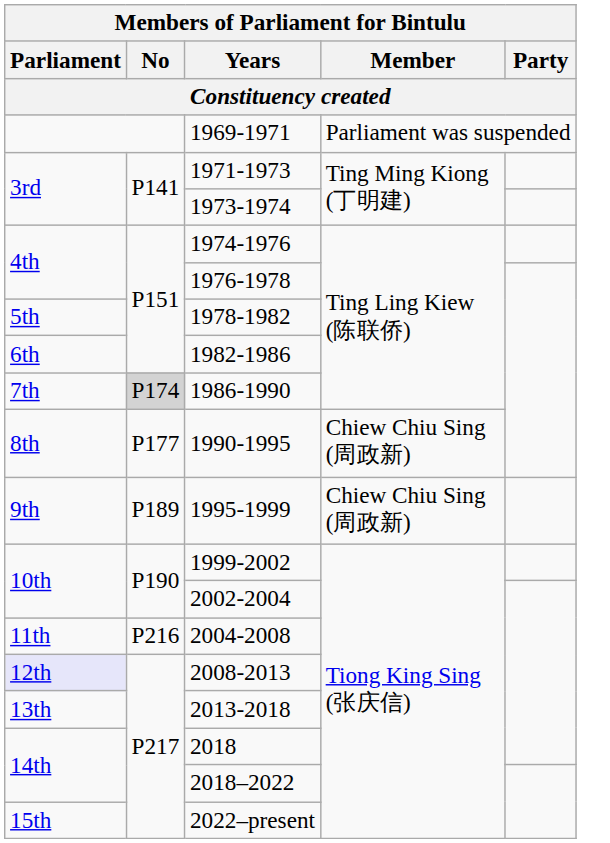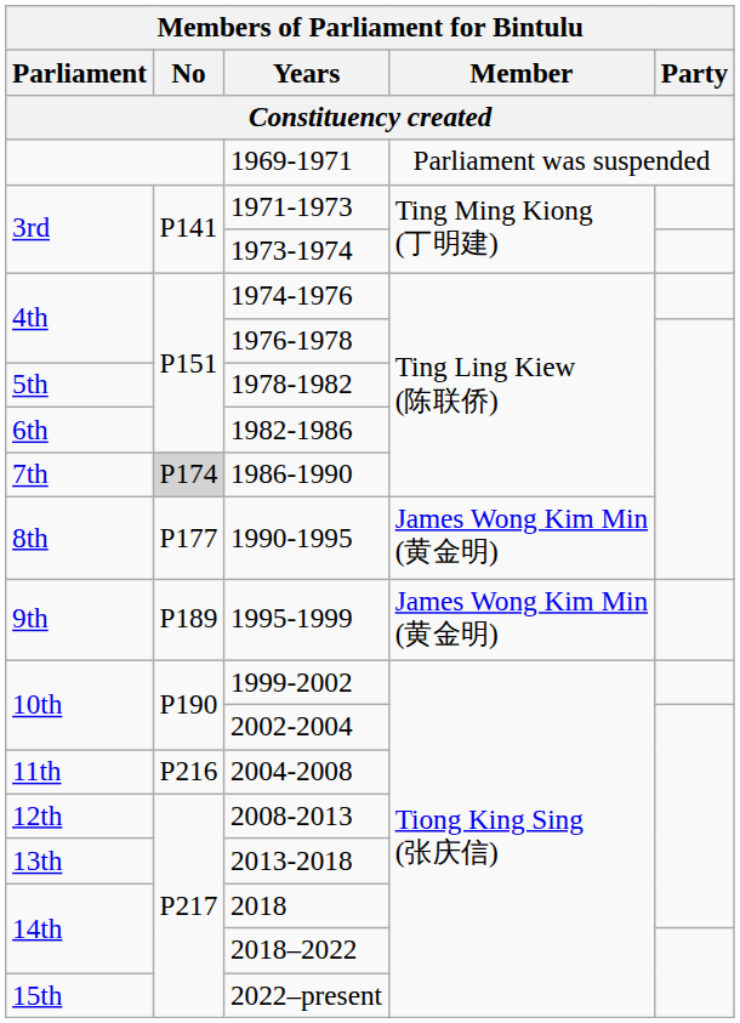 <table class=wikitable>
 <tr>
 <th colspan="5">Members of Parliament for Bintulu</th>
 </tr>
 <tr>
 <th>Parliament</th>
 <th>No</th>
 <th>Years</th>
 <th>Member</th>
 <th>Party</th>
 </tr>
 <tr>
 <th colspan="5" align="center"><em>Constituency created</em></th>
 </tr>
 <tr>
 <td colspan="2"></td>
 <td>1969-1971</td>
 <td colspan=2 align=center>Parliament was suspended</td>
 </tr>
 <tr>
 <td rowspan=2><a href='#'>3rd</a></td>
 <td rowspan="2">P141</td>
 <td>1971-1973</td>
 <td rowspan=2>Ting Ming Kiong <br> (丁明建)</td>
 <td></td>
 </tr>
 <tr>
 <td>1973-1974</td>
 <td></td>
 </tr>
 <tr>
 <td rowspan=2><a href='#'>4th</a></td>
 <td rowspan="4">P151</td>
 <td>1974-1976</td>
 <td rowspan=5>Ting Ling Kiew <br> (陈联侨)</td>
 <td></td>
 </tr>
 <tr>
 <td>1976-1978</td>
 <td rowspan=5></td>
 </tr>
 <tr>
 <td><a href='#'>5th</a></td>
 <td>1978-1982</td>
 </tr>
 <tr>
 <td><a href='#'>6th</a></td>
 <td>1982-1986</td>
 </tr>
 <tr>
 <td><a href='#'>7th</a></td>
 <td style="background: lightgrey;">P174</td>
 <td>1986-1990</td>
 </tr>
 <tr>
 <td><a href='#'>8th</a></td>
 <td>P177</td>
 <td>1990-1995</td>
-<td>Chiew Chiu Sing  <br>(周政新)</td>
+<td><a href='#'>James Wong Kim Min</a>  <br>(黄金明)</td>
 </tr>
 <tr>
 <td><a href='#'>9th</a></td>
 <td>P189</td>
 <td>1995-1999</td>
-<td>Chiew Chiu Sing  <br>(周政新)</td>
+<td><a href='#'>James Wong Kim Min</a>  <br>(黄金明)</td>
 <td bgcolor=></td>
 </tr>
 <tr>
 <td rowspan="2"><a href='#'>10th</a></td>
 <td rowspan="2">P190</td>
 <td>1999-2002</td>
 <td rowspan="8"><a href='#'>Tiong King Sing</a>  <br>(张庆信)</td>
 <td></td>
 </tr>
 <tr>
 <td>2002-2004</td>
 <td rowspan="5"></td>
 </tr>
 <tr>
 <td><a href='#'>11th</a></td>
 <td>P216</td>
 <td>2004-2008</td>
 </tr>
 <tr>
-<td style="background: lavender;"><a href='#'>12th</a></td>
+<td><a href='#'>12th</a></td>
 <td rowspan="5">P217</td>
 <td>2008-2013</td>
 </tr>
 <tr>
 <td><a href='#'>13th</a></td>
 <td>2013-2018</td>
 </tr>
 <tr>
 <td rowspan=2><a href='#'>14th</a></td>
 <td>2018</td>
 </tr>
 <tr>
 <td>2018–2022</td>
 <td rowspan="2"></td>
 </tr>
 <tr>
 <td><a href='#'>15th</a></td>
 <td>2022–present</td>
 </tr>
 </table>
